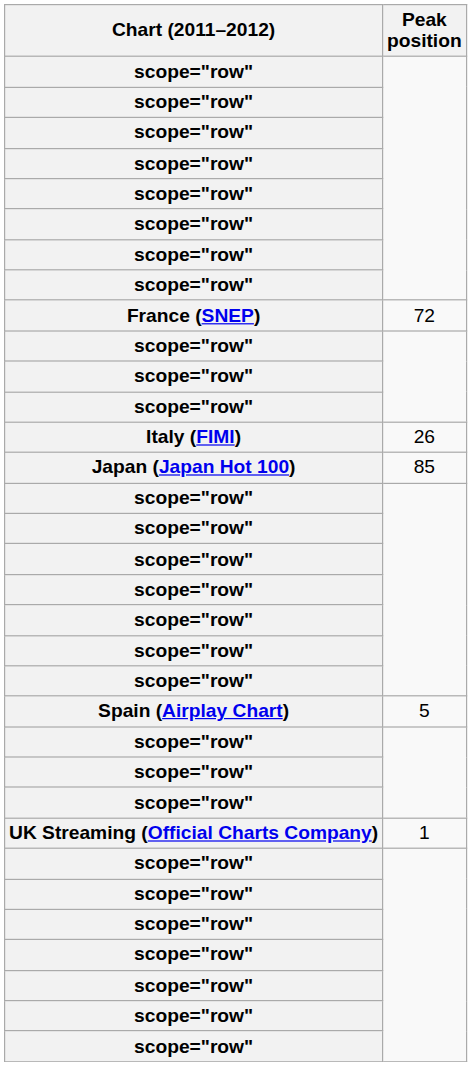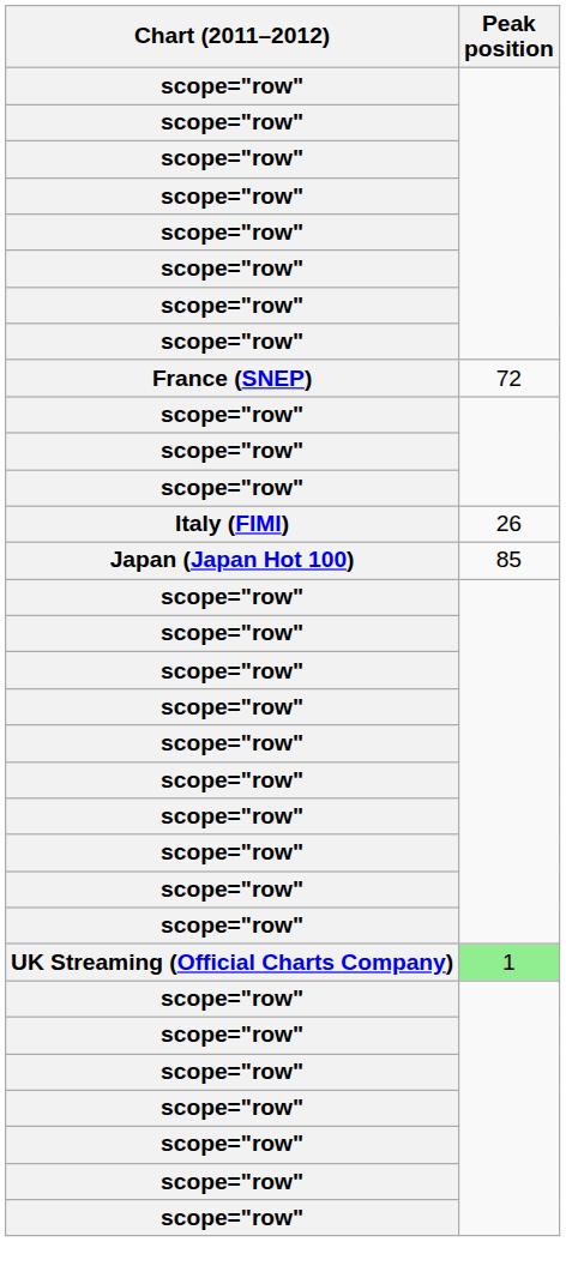 <table class="wikitable sortable plainrowheaders" style="text-align:center;">
 <tr>
 <th scope="col">Chart (2011–2012)</th>
 <th scope="col">Peak<br>position</th>
 </tr>
 <tr>
 <th>scope="row"</th>
 </tr>
 <tr>
 <th>scope="row"</th>
 </tr>
 <tr>
 <th>scope="row"</th>
 </tr>
 <tr>
 <th>scope="row"</th>
 </tr>
 <tr>
 <th>scope="row"</th>
 </tr>
 <tr>
 <th>scope="row"</th>
 </tr>
 <tr>
 <th>scope="row"</th>
 </tr>
 <tr>
 <th>scope="row"</th>
 </tr>
 <tr>
 <th scope="row">France (<a href='#'>SNEP</a>)</th>
 <td>72</td>
 </tr>
 <tr>
 <th>scope="row"</th>
 </tr>
 <tr>
 <th>scope="row"</th>
 </tr>
 <tr>
 <th>scope="row"</th>
 </tr>
 <tr>
 <th scope="row">Italy (<a href='#'>FIMI</a>)</th>
 <td style="text-align:center;">26</td>
 </tr>
 <tr>
 <th scope="row">Japan (<a href='#'>Japan Hot 100</a>)</th>
 <td style="text-align:center;">85</td>
 </tr>
 <tr>
 <th>scope="row"</th>
 </tr>
 <tr>
 <th>scope="row"</th>
 </tr>
 <tr>
 <th>scope="row"</th>
 </tr>
 <tr>
 <th>scope="row"</th>
 </tr>
 <tr>
 <th>scope="row"</th>
 </tr>
 <tr>
 <th>scope="row"</th>
 </tr>
 <tr>
 <th>scope="row"</th>
 </tr>
 <tr>
-<th scope="row">Spain (<a href='#'>Airplay Chart</a>)</th>
-<td>5</td>
-</tr>
-<tr>
 <th>scope="row"</th>
 </tr>
 <tr>
 <th>scope="row"</th>
 </tr>
 <tr>
 <th>scope="row"</th>
 </tr>
 <tr>
 <th scope="row">UK Streaming (<a href='#'>Official Charts Company</a>)</th>
-<td>1</td>
+<td style="background: lightgreen;">1</td>
 </tr>
 <tr>
 <th>scope="row"</th>
 </tr>
 <tr>
 <th>scope="row"</th>
 </tr>
 <tr>
 <th>scope="row"</th>
 </tr>
 <tr>
 <th>scope="row"</th>
 </tr>
 <tr>
 <th>scope="row"</th>
 </tr>
 <tr>
 <th>scope="row"</th>
 </tr>
 <tr>
 <th>scope="row"</th>
 </tr>
 </table>
